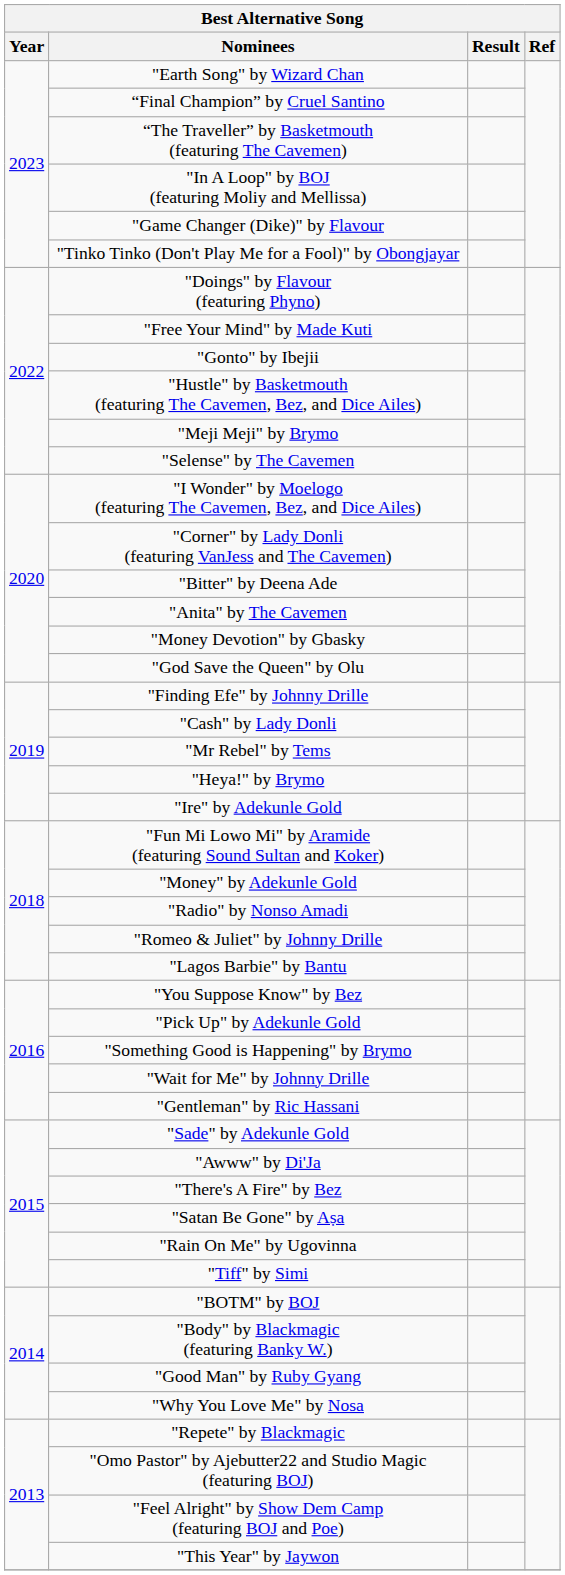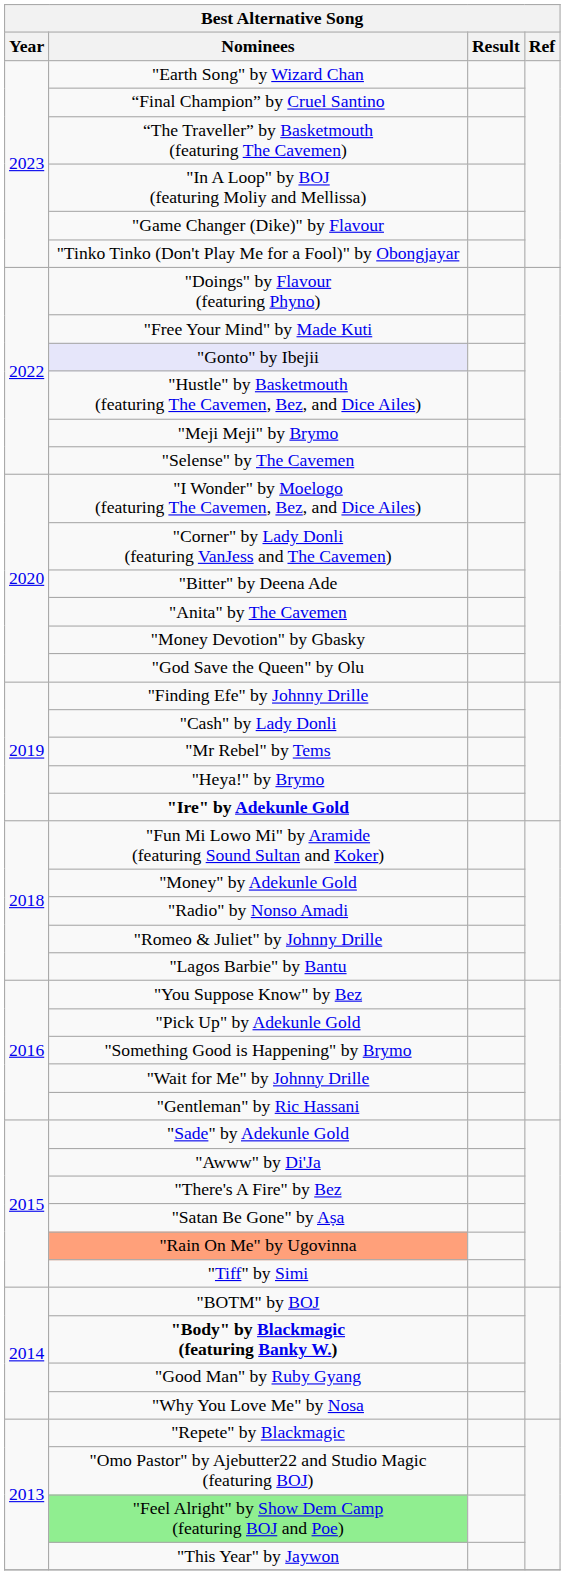 <table class="wikitable" style="text-align:center; width:40%;">
 <tr>
 <th colspan="4">Best Alternative Song</th>
 </tr>
 <tr>
 <th>Year</th>
 <th>Nominees</th>
 <th>Result</th>
 <th>Ref</th>
 </tr>
 <tr>
 <td rowspan="6"><a href='#'>2023</a></td>
 <td>"Earth Song" by <a href='#'>Wizard Chan</a></td>
 <td></td>
 <td rowspan="6"></td>
 </tr>
 <tr>
 <td>“Final Champion” by <a href='#'>Cruel Santino</a></td>
 <td></td>
 </tr>
 <tr>
 <td>“The Traveller” by <a href='#'>Basketmouth</a><br><span>(featuring <a href='#'>The Cavemen</a>)</span></td>
 <td></td>
 </tr>
 <tr>
 <td>"In A Loop" by <a href='#'>BOJ</a><br><span>(featuring Moliy and Mellissa)</span></td>
 <td></td>
 </tr>
 <tr>
 <td>"Game Changer (Dike)" by <a href='#'>Flavour</a></td>
 <td></td>
 </tr>
 <tr>
 <td>"Tinko Tinko (Don't Play Me for a Fool)" by <a href='#'>Obongjayar</a></td>
 <td></td>
 </tr>
 <tr>
 <td rowspan="6"><a href='#'>2022</a></td>
 <td>"Doings" by <a href='#'>Flavour</a><br><span>(featuring <a href='#'>Phyno</a>)</span></td>
 <td></td>
 <td rowspan="6"></td>
 </tr>
 <tr>
 <td>"Free Your Mind" by <a href='#'>Made Kuti</a></td>
 <td></td>
 </tr>
 <tr>
-<td>"Gonto" by Ibejii</td>
+<td style="background: lavender;">"Gonto" by Ibejii</td>
 <td></td>
 </tr>
 <tr>
 <td>"Hustle" by <a href='#'>Basketmouth</a><br><span>(featuring <a href='#'>The Cavemen</a>, <a href='#'>Bez</a>, and <a href='#'>Dice Ailes</a>)</span></td>
 <td></td>
 </tr>
 <tr>
 <td>"Meji Meji" by <a href='#'>Brymo</a></td>
 <td></td>
 </tr>
 <tr>
 <td>"Selense" by <a href='#'>The Cavemen</a></td>
 <td></td>
 </tr>
 <tr>
 <td rowspan="6"><a href='#'>2020</a></td>
 <td>"I Wonder" by <a href='#'>Moelogo</a><br><span>(featuring <a href='#'>The Cavemen</a>, <a href='#'>Bez</a>, and <a href='#'>Dice Ailes</a>)</span></td>
 <td></td>
 <td rowspan="6"></td>
 </tr>
 <tr>
 <td>"Corner" by <a href='#'>Lady Donli</a><br><span>(featuring <a href='#'>VanJess</a> and <a href='#'>The Cavemen</a>)</span></td>
 <td></td>
 </tr>
 <tr>
 <td>"Bitter" by Deena Ade</td>
 <td></td>
 </tr>
 <tr>
 <td>"Anita" by <a href='#'>The Cavemen</a></td>
 <td></td>
 </tr>
 <tr>
 <td>"Money Devotion" by Gbasky</td>
 <td></td>
 </tr>
 <tr>
 <td>"God Save the Queen" by Olu</td>
 <td></td>
 </tr>
 <tr>
 <td rowspan="5"><a href='#'>2019</a></td>
 <td>"Finding Efe" by <a href='#'>Johnny Drille</a></td>
 <td></td>
 <td rowspan="5"></td>
 </tr>
 <tr>
 <td>"Cash" by <a href='#'>Lady Donli</a></td>
 <td></td>
 </tr>
 <tr>
 <td>"Mr Rebel" by <a href='#'>Tems</a></td>
 <td></td>
 </tr>
 <tr>
 <td>"Heya!" by <a href='#'>Brymo</a></td>
 <td></td>
 </tr>
 <tr>
-<td>"Ire" by <a href='#'>Adekunle Gold</a></td>
+<td><strong>"Ire" by <a href='#'>Adekunle Gold</a></strong></td>
 <td></td>
 </tr>
 <tr>
 <td rowspan="5"><a href='#'>2018</a></td>
 <td>"Fun Mi Lowo Mi" by <a href='#'>Aramide</a><br><span>(featuring <a href='#'>Sound Sultan</a> and <a href='#'>Koker</a>)</span></td>
 <td></td>
 <td rowspan="5"></td>
 </tr>
 <tr>
 <td>"Money" by <a href='#'>Adekunle Gold</a></td>
 <td></td>
 </tr>
 <tr>
 <td>"Radio" by <a href='#'>Nonso Amadi</a></td>
 <td></td>
 </tr>
 <tr>
 <td>"Romeo & Juliet" by <a href='#'>Johnny Drille</a></td>
 <td></td>
 </tr>
 <tr>
 <td>"Lagos Barbie" by <a href='#'>Bantu</a></td>
 <td></td>
 </tr>
 <tr>
 <td rowspan="5"><a href='#'>2016</a></td>
 <td>"You Suppose Know" by <a href='#'>Bez</a></td>
 <td></td>
 <td rowspan="5"></td>
 </tr>
 <tr>
 <td>"Pick Up" by <a href='#'>Adekunle Gold</a></td>
 <td></td>
 </tr>
 <tr>
 <td>"Something Good is Happening" by <a href='#'>Brymo</a></td>
 <td></td>
 </tr>
 <tr>
 <td>"Wait for Me" by <a href='#'>Johnny Drille</a></td>
 <td></td>
 </tr>
 <tr>
 <td>"Gentleman" by <a href='#'>Ric Hassani</a></td>
 <td></td>
 </tr>
 <tr>
 <td rowspan="6"><a href='#'>2015</a></td>
 <td>"<a href='#'>Sade</a>" by <a href='#'>Adekunle Gold</a></td>
 <td></td>
 <td rowspan="6"></td>
 </tr>
 <tr>
 <td>"Awww" by <a href='#'>Di'Ja</a></td>
 <td></td>
 </tr>
 <tr>
 <td>"There's A Fire" by <a href='#'>Bez</a></td>
 <td></td>
 </tr>
 <tr>
 <td>"Satan Be Gone" by <a href='#'>Aṣa</a></td>
 <td></td>
 </tr>
 <tr>
-<td>"Rain On Me" by Ugovinna</td>
+<td style="background: lightsalmon;">"Rain On Me" by Ugovinna</td>
 <td></td>
 </tr>
 <tr>
 <td>"<a href='#'>Tiff</a>" by <a href='#'>Simi</a></td>
 <td></td>
 </tr>
 <tr>
 <td rowspan="4"><a href='#'>2014</a></td>
 <td>"BOTM" by <a href='#'>BOJ</a></td>
 <td></td>
 <td rowspan="4"></td>
 </tr>
 <tr>
-<td>"Body" by <a href='#'>Blackmagic</a><br><span>(featuring <a href='#'>Banky W.</a>)</span></td>
+<td><strong>"Body" by <a href='#'>Blackmagic</a><br><span>(featuring <a href='#'>Banky W.</a>)</span></strong></td>
 <td></td>
 </tr>
 <tr>
 <td>"Good Man" by <a href='#'>Ruby Gyang</a></td>
 <td></td>
 </tr>
 <tr>
 <td>"Why You Love Me" by <a href='#'>Nosa</a></td>
 <td></td>
 </tr>
 <tr>
 <td rowspan="4"><a href='#'>2013</a></td>
 <td>"Repete" by <a href='#'>Blackmagic</a></td>
 <td></td>
 <td rowspan="4"></td>
 </tr>
 <tr>
 <td>"Omo Pastor" by Ajebutter22 and Studio Magic<br><span>(featuring <a href='#'>BOJ</a>)</span></td>
 <td></td>
 </tr>
 <tr>
-<td>"Feel Alright" by <a href='#'>Show Dem Camp</a><br><span>(featuring <a href='#'>BOJ</a> and <a href='#'>Poe</a>)</span></td>
+<td style="background: lightgreen;">"Feel Alright" by <a href='#'>Show Dem Camp</a><br><span>(featuring <a href='#'>BOJ</a> and <a href='#'>Poe</a>)</span></td>
 <td></td>
 </tr>
 <tr>
 <td>"This Year" by <a href='#'>Jaywon</a></td>
 <td></td>
 </tr>
 <tr>
 </tr>
 </table>
